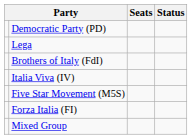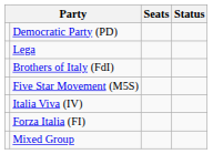 <table class=wikitable>
 <tr>
 <th colspan=2>Party</th>
 <th>Seats</th>
 <th>Status</th>
 </tr>
 <tr>
 <td style="color:inherit;background:"></td>
 <td><a href='#'>Democratic Party</a> (PD)</td>
 <td></td>
 <td></td>
 </tr>
 <tr>
 <td style="color:inherit;background:"></td>
 <td><a href='#'>Lega</a></td>
 <td></td>
 <td></td>
 </tr>
 <tr>
 <td style="color:inherit;background:"></td>
 <td><a href='#'>Brothers of Italy</a> (FdI)</td>
 <td></td>
 <td></td>
 </tr>
 <tr>
 <td style="color:inherit;background:"></td>
-<td><a href='#'>Italia Viva</a> (IV)</td>
+<td><a href='#'>Five Star Movement</a> (M5S)</td>
 <td></td>
 <td></td>
 </tr>
 <tr>
 <td style="color:inherit;background:"></td>
-<td><a href='#'>Five Star Movement</a> (M5S)</td>
+<td><a href='#'>Italia Viva</a> (IV)</td>
 <td></td>
 <td></td>
 </tr>
 <tr>
 <td style="color:inherit;background:"></td>
 <td><a href='#'>Forza Italia</a> (FI)</td>
 <td></td>
 <td></td>
 </tr>
 <tr>
 <td style="color:inherit;background:"></td>
 <td><a href='#'>Mixed Group</a></td>
 <td></td>
 <td></td>
 </tr>
 </table>
